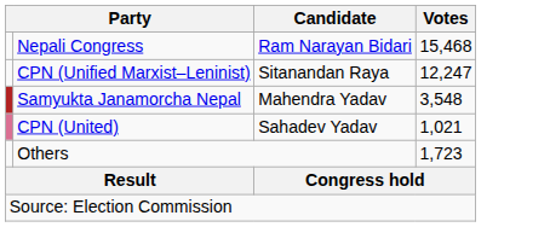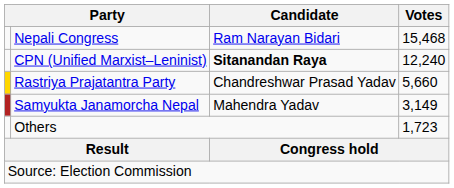 <table class="wikitable">
 <tr>
 <th colspan="2">Party</th>
 <th>Candidate</th>
 <th>Votes</th>
 </tr>
 <tr>
 <td style="background-color:"></td>
 <td><a href='#'>Nepali Congress</a></td>
 <td><a href='#'>Ram Narayan Bidari</a></td>
 <td>15,468</td>
 </tr>
 <tr>
 <td style="background-color:"></td>
 <td><a href='#'>CPN (Unified Marxist–Leninist)</a></td>
-<td>Sitanandan Raya</td>
-<td>12,247</td>
+<td><strong>Sitanandan Raya</strong></td>
+<td>12,240</td>
+</tr>
+<tr>
+<td style="background-color:gold"></td>
+<td><a href='#'>Rastriya Prajatantra Party</a></td>
+<td>Chandreshwar Prasad Yadav</td>
+<td>5,660</td>
 </tr>
 <tr>
 <td style="background-color:firebrick"></td>
 <td><a href='#'>Samyukta Janamorcha Nepal</a></td>
 <td>Mahendra Yadav</td>
-<td>3,548</td>
-</tr>
-<tr>
-<td style="background-color:palevioletred"></td>
-<td><a href='#'>CPN (United)</a></td>
-<td>Sahadev Yadav</td>
-<td>1,021</td>
+<td>3,149</td>
 </tr>
 <tr>
 <td></td>
 <td colspan="2">Others</td>
 <td>1,723</td>
 </tr>
 <tr>
 <th colspan="2">Result</th>
 <th colspan="2">Congress hold</th>
 </tr>
 <tr>
 <td colspan="4">Source: Election Commission</td>
 </tr>
 </table>
